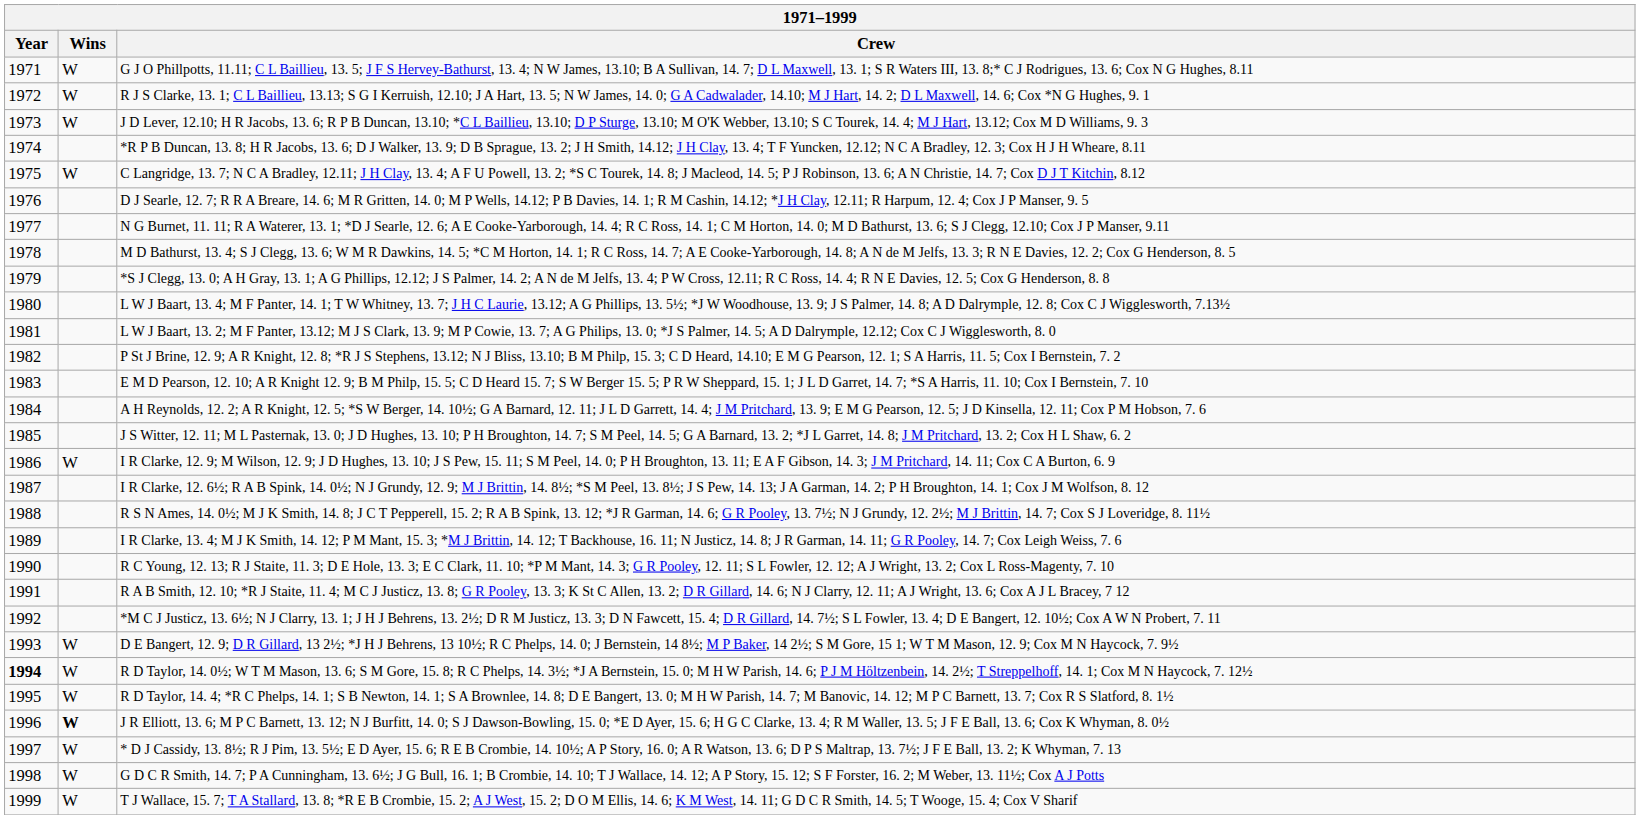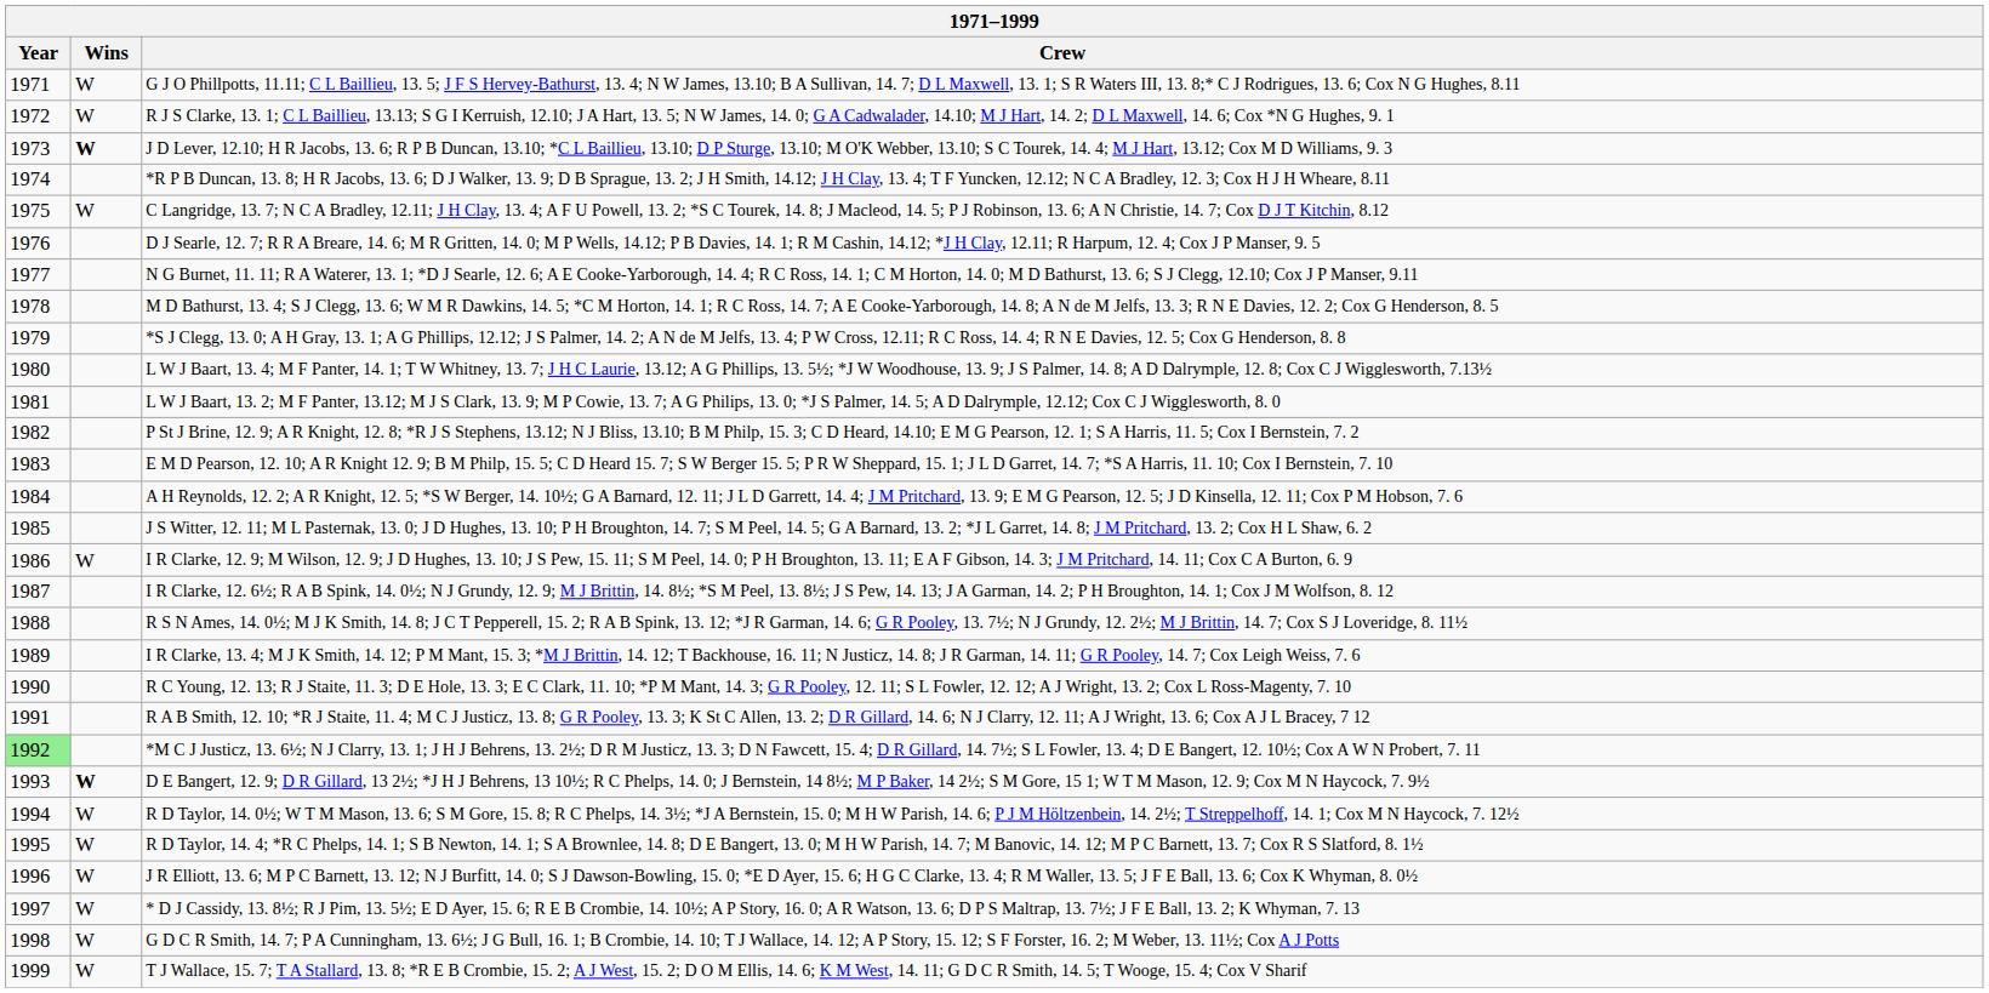 <table class="wikitable" style="width:100%;">
 <tr>
 <th colspan="3">1971–1999</th>
 </tr>
 <tr>
 <th>Year</th>
 <th>Wins</th>
 <th>Crew</th>
 </tr>
 <tr>
 <td>1971</td>
 <td>W</td>
 <td style="font-size:85%">G J O Phillpotts, 11.11; <a href='#'>C L Baillieu</a>, 13. 5; <a href='#'>J F S Hervey-Bathurst</a>, 13. 4; N W James, 13.10; B A Sullivan, 14. 7; <a href='#'>D L Maxwell</a>, 13. 1; S R Waters III, 13. 8;* C J Rodrigues, 13. 6; Cox N G Hughes, 8.11</td>
 </tr>
 <tr>
 <td>1972</td>
 <td>W</td>
 <td style="font-size:85%">R J S Clarke, 13. 1; <a href='#'>C L Baillieu</a>, 13.13; S G I Kerruish, 12.10; J A Hart, 13. 5; N W James, 14. 0; <a href='#'>G A Cadwalader</a>, 14.10; <a href='#'>M J Hart</a>, 14. 2; <a href='#'>D L Maxwell</a>, 14. 6; Cox *N G Hughes, 9. 1</td>
 </tr>
 <tr>
 <td>1973</td>
-<td>W</td>
+<td><strong>W</strong></td>
 <td style="font-size:85%">J D Lever, 12.10; H R Jacobs, 13. 6; R P B Duncan, 13.10; *<a href='#'>C L Baillieu</a>, 13.10; <a href='#'>D P Sturge</a>, 13.10; M O'K Webber, 13.10; S C Tourek, 14. 4; <a href='#'>M J Hart</a>, 13.12; Cox M D Williams, 9. 3</td>
 </tr>
 <tr>
 <td>1974</td>
 <td></td>
 <td style="font-size:85%">*R P B Duncan, 13. 8; H R Jacobs, 13. 6; D J Walker, 13. 9; D B Sprague, 13. 2; J H Smith, 14.12; <a href='#'>J H Clay</a>, 13. 4; T F Yuncken, 12.12; N C A Bradley, 12. 3; Cox H J H Wheare, 8.11</td>
 </tr>
 <tr>
 <td>1975</td>
 <td>W</td>
 <td style="font-size:85%">C Langridge, 13. 7; N C A Bradley, 12.11; <a href='#'>J H Clay</a>, 13. 4; A F U Powell, 13. 2; *S C Tourek, 14. 8; J Macleod, 14. 5; P J Robinson, 13. 6; A N Christie, 14. 7; Cox <a href='#'>D J T Kitchin</a>, 8.12</td>
 </tr>
 <tr>
 <td>1976</td>
 <td></td>
 <td style="font-size:85%">D J Searle, 12. 7; R R A Breare, 14. 6; M R Gritten, 14. 0; M P Wells, 14.12; P B Davies, 14. 1; R M Cashin, 14.12; *<a href='#'>J H Clay</a>, 12.11; R Harpum, 12. 4; Cox J P Manser, 9. 5</td>
 </tr>
 <tr>
 <td>1977</td>
 <td></td>
 <td style="font-size:85%">N G Burnet, 11. 11; R A Waterer, 13. 1; *D J Searle, 12. 6; A E Cooke-Yarborough, 14. 4; R C Ross, 14. 1; C M Horton, 14. 0; M D Bathurst, 13. 6; S J Clegg, 12.10; Cox J P Manser, 9.11</td>
 </tr>
 <tr>
 <td>1978</td>
 <td></td>
 <td style="font-size:85%">M D Bathurst, 13. 4; S J Clegg, 13. 6; W M R Dawkins, 14. 5; *C M Horton, 14. 1; R C Ross, 14. 7; A E Cooke-Yarborough, 14. 8; A N de M Jelfs, 13. 3; R N E Davies, 12. 2; Cox G Henderson, 8. 5</td>
 </tr>
 <tr>
 <td>1979</td>
 <td></td>
 <td style="font-size:85%">*S J Clegg, 13. 0; A H Gray, 13. 1; A G Phillips, 12.12; J S Palmer, 14. 2; A N de M Jelfs, 13. 4; P W Cross, 12.11; R C Ross, 14. 4; R N E Davies, 12. 5; Cox G Henderson, 8. 8</td>
 </tr>
 <tr>
 <td>1980</td>
 <td></td>
 <td style="font-size:85%">L W J Baart, 13. 4; M F Panter, 14. 1; T W Whitney, 13. 7; <a href='#'>J H C Laurie</a>, 13.12; A G Phillips, 13. 5½; *J W Woodhouse, 13. 9; J S Palmer, 14. 8; A D Dalrymple, 12. 8; Cox C J Wigglesworth, 7.13½</td>
 </tr>
 <tr>
 <td>1981</td>
 <td></td>
 <td style="font-size:85%">L W J Baart, 13. 2; M F Panter, 13.12; M J S Clark, 13. 9; M P Cowie, 13. 7; A G Philips, 13. 0; *J S Palmer, 14. 5; A D Dalrymple, 12.12; Cox C J Wigglesworth, 8. 0</td>
 </tr>
 <tr>
 <td>1982</td>
 <td></td>
 <td style="font-size:85%">P St J Brine, 12. 9; A R Knight, 12. 8; *R J S Stephens, 13.12; N J Bliss, 13.10; B M Philp, 15. 3; C D Heard, 14.10; E M G Pearson, 12. 1; S A Harris, 11. 5; Cox I Bernstein, 7. 2</td>
 </tr>
 <tr>
 <td>1983</td>
 <td></td>
 <td style="font-size:85%">E M D Pearson, 12. 10; A R Knight 12. 9; B M Philp, 15. 5; C D Heard 15. 7; S W Berger 15. 5; P R W Sheppard, 15. 1; J L D Garret, 14. 7; *S A Harris, 11. 10; Cox I Bernstein, 7. 10</td>
 </tr>
 <tr>
 <td>1984</td>
 <td></td>
 <td style="font-size:85%">A H Reynolds, 12. 2; A R Knight, 12. 5; *S W Berger, 14. 10½; G A Barnard, 12. 11; J L D Garrett, 14. 4; <a href='#'>J M Pritchard</a>, 13. 9; E M G Pearson, 12. 5; J D Kinsella, 12. 11; Cox P M Hobson, 7. 6</td>
 </tr>
 <tr>
 <td>1985</td>
 <td></td>
 <td style="font-size:85%">J S Witter, 12. 11; M L Pasternak, 13. 0; J D Hughes, 13. 10; P H Broughton, 14. 7; S M Peel, 14. 5; G A Barnard, 13. 2; *J L Garret, 14. 8; <a href='#'>J M Pritchard</a>, 13. 2; Cox H L Shaw, 6. 2</td>
 </tr>
 <tr>
 <td>1986</td>
 <td>W</td>
 <td style="font-size:85%">I R Clarke, 12. 9; M Wilson, 12. 9; J D Hughes, 13. 10; J S Pew, 15. 11; S M Peel, 14. 0; P H Broughton, 13. 11; E A F Gibson, 14. 3; <a href='#'>J M Pritchard</a>, 14. 11; Cox C A Burton, 6. 9</td>
 </tr>
 <tr>
 <td>1987</td>
 <td></td>
 <td style="font-size:85%">I R Clarke, 12. 6½; R A B Spink, 14. 0½; N J Grundy, 12. 9; <a href='#'>M J Brittin</a>, 14. 8½; *S M Peel, 13. 8½; J S Pew, 14. 13; J A Garman, 14. 2; P H Broughton, 14. 1; Cox J M Wolfson, 8. 12</td>
 </tr>
 <tr>
 <td>1988</td>
 <td></td>
 <td style="font-size:85%">R S N Ames, 14. 0½; M J K Smith, 14. 8; J C T Pepperell, 15. 2; R A B Spink, 13. 12; *J R Garman, 14. 6; <a href='#'>G R Pooley</a>, 13. 7½; N J Grundy, 12. 2½; <a href='#'>M J Brittin</a>, 14. 7; Cox S J Loveridge, 8. 11½</td>
 </tr>
 <tr>
 <td>1989</td>
 <td></td>
 <td style="font-size:85%">I R Clarke, 13. 4; M J K Smith, 14. 12; P M Mant, 15. 3; *<a href='#'>M J Brittin</a>, 14. 12; T Backhouse, 16. 11; N Justicz, 14. 8; J R Garman, 14. 11; <a href='#'>G R Pooley</a>, 14. 7; Cox Leigh Weiss, 7. 6</td>
 </tr>
 <tr>
 <td>1990</td>
 <td></td>
 <td style="font-size:85%">R C Young, 12. 13; R J Staite, 11. 3; D E Hole, 13. 3; E C Clark, 11. 10; *P M Mant, 14. 3; <a href='#'>G R Pooley</a>, 12. 11; S L Fowler, 12. 12; A J Wright, 13. 2; Cox L Ross-Magenty, 7. 10</td>
 </tr>
 <tr>
 <td>1991</td>
 <td></td>
 <td style="font-size:85%">R A B Smith, 12. 10; *R J Staite, 11. 4; M C J Justicz, 13. 8; <a href='#'>G R Pooley</a>, 13. 3; K St C Allen, 13. 2; <a href='#'>D R Gillard</a>, 14. 6; N J Clarry, 12. 11; A J Wright, 13. 6; Cox A J L Bracey, 7 12</td>
 </tr>
 <tr>
-<td>1992</td>
+<td style="background: lightgreen;">1992</td>
 <td></td>
 <td style="font-size:85%">*M C J Justicz, 13. 6½; N J Clarry, 13. 1; J H J Behrens, 13. 2½; D R M Justicz, 13. 3; D N Fawcett, 15. 4; <a href='#'>D R Gillard</a>, 14. 7½; S L Fowler, 13. 4; D E Bangert, 12. 10½; Cox A W N Probert, 7. 11</td>
 </tr>
 <tr>
 <td>1993</td>
-<td>W</td>
+<td><strong>W</strong></td>
 <td style="font-size:85%">D E Bangert, 12. 9; <a href='#'>D R Gillard</a>, 13 2½; *J H J Behrens, 13 10½; R C Phelps, 14. 0; J Bernstein, 14 8½; <a href='#'>M P Baker</a>, 14 2½; S M Gore, 15 1; W T M Mason, 12. 9; Cox M N Haycock, 7. 9½</td>
 </tr>
 <tr>
-<td><strong>1994</strong></td>
+<td>1994</td>
 <td>W</td>
 <td style="font-size:85%">R D Taylor, 14. 0½; W T M Mason, 13. 6; S M Gore, 15. 8; R C Phelps, 14. 3½; *J A Bernstein, 15. 0; M H W Parish, 14. 6; <a href='#'>P J M Höltzenbein</a>, 14. 2½; <a href='#'>T Streppelhoff</a>, 14. 1; Cox M N Haycock, 7. 12½</td>
 </tr>
 <tr>
 <td>1995</td>
 <td>W</td>
 <td style="font-size:85%">R D Taylor, 14. 4; *R C Phelps, 14. 1; S B Newton, 14. 1; S A Brownlee, 14. 8; D E Bangert, 13. 0; M H W Parish, 14. 7; M Banovic, 14. 12; M P C Barnett, 13. 7; Cox R S Slatford, 8. 1½</td>
 </tr>
 <tr>
 <td>1996</td>
-<td><strong>W</strong></td>
+<td>W</td>
 <td style="font-size:85%">J R Elliott, 13. 6; M P C Barnett, 13. 12; N J Burfitt, 14. 0; S J Dawson-Bowling, 15. 0; *E D Ayer, 15. 6; H G C Clarke, 13. 4; R M Waller, 13. 5; J F E Ball, 13. 6; Cox K Whyman, 8. 0½</td>
 </tr>
 <tr>
 <td>1997</td>
 <td>W</td>
 <td style="font-size:85%">* D J Cassidy, 13. 8½; R J Pim, 13. 5½; E D Ayer, 15. 6; R E B Crombie, 14. 10½; A P Story, 16. 0; A R Watson, 13. 6; D P S Maltrap, 13. 7½; J F E Ball, 13. 2; K Whyman, 7. 13</td>
 </tr>
 <tr>
 <td>1998</td>
 <td>W</td>
 <td style="font-size:85%">G D C R Smith, 14. 7; P A Cunningham, 13. 6½; J G Bull, 16. 1; B Crombie, 14. 10; T J Wallace, 14. 12; A P Story, 15. 12; S F Forster, 16. 2; M Weber, 13. 11½; Cox <a href='#'>A J Potts</a></td>
 </tr>
 <tr>
 <td>1999</td>
 <td>W</td>
 <td style="font-size:85%">T J Wallace, 15. 7; <a href='#'>T A Stallard</a>, 13. 8; *R E B Crombie, 15. 2; <a href='#'>A J West</a>, 15. 2; D O M Ellis, 14. 6; <a href='#'>K M West</a>, 14. 11; G D C R Smith, 14. 5; T Wooge, 15. 4; Cox V Sharif</td>
 </tr>
 <tr>
 </tr>
 </table>
